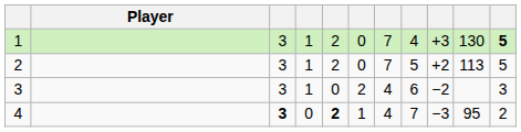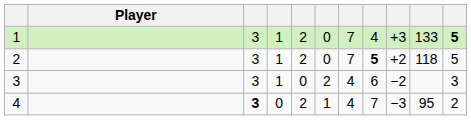 <table class="wikitable" style="text-align:center; margin: 1em auto 1em auto, align:left">
 <tr>
 <th width=20></th>
 <th width=240>Player</th>
 <th width=20></th>
 <th width=20></th>
 <th width=20></th>
 <th width=20></th>
 <th width=20></th>
 <th width=20></th>
 <th width=20></th>
 <th width=30></th>
 <th width=20></th>
 </tr>
 <tr style="background:#D0F0C0;">
 <td>1</td>
 <td align=left></td>
 <td>3</td>
 <td>1</td>
 <td>2</td>
 <td>0</td>
 <td>7</td>
 <td>4</td>
 <td>+3</td>
-<td>130</td>
+<td>133</td>
 <td><strong>5</strong></td>
 </tr>
 <tr style=>
 <td>2</td>
 <td align=left></td>
 <td>3</td>
 <td>1</td>
 <td>2</td>
 <td>0</td>
 <td>7</td>
-<td>5</td>
+<td><strong>5</strong></td>
 <td>+2</td>
-<td>113</td>
+<td>118</td>
 <td>5</td>
 </tr>
 <tr style=>
 <td>3</td>
 <td align=left></td>
 <td>3</td>
 <td>1</td>
 <td>0</td>
 <td>2</td>
 <td>4</td>
 <td>6</td>
 <td>−2</td>
 <td></td>
 <td>3</td>
 </tr>
 <tr style=>
 <td>4</td>
 <td align=left></td>
 <td><strong>3</strong></td>
 <td>0</td>
-<td><strong>2</strong></td>
+<td>2</td>
 <td>1</td>
 <td>4</td>
 <td>7</td>
 <td>−3</td>
 <td>95</td>
 <td>2</td>
 </tr>
 </table>
